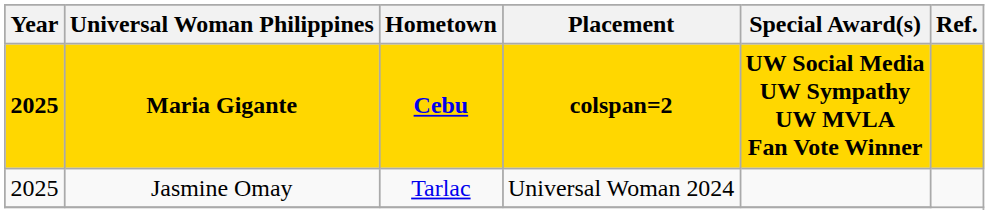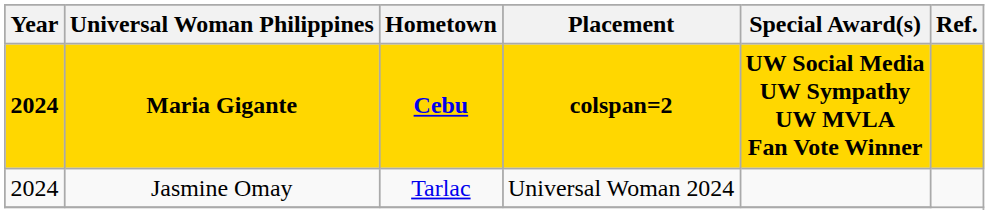 <table class="wikitable" style="font-size: 85%; text-align:center" width:100%;">
 <tr>
 <th>Year</th>
 <th>Universal Woman Philippines</th>
 <th>Hometown</th>
 <th>Placement</th>
 <th>Special Award(s)</th>
 <th>Ref.</th>
 </tr>
 <tr style="background-color:gold; font-weight: bold">
-<td>2025</td>
+<td>2024</td>
 <td>Maria Gigante</td>
 <td><a href='#'>Cebu</a></td>
 <td>colspan=2 </td>
 <td>UW Social Media <br> UW Sympathy <br> UW MVLA <br> Fan Vote Winner</td>
 <td></td>
 </tr>
 <tr>
-<td>2025</td>
+<td>2024</td>
 <td>Jasmine Omay</td>
 <td><a href='#'>Tarlac</a></td>
 <td>Universal Woman 2024</td>
 <td></td>
 </tr>
 <tr>
 </tr>
 </table>
